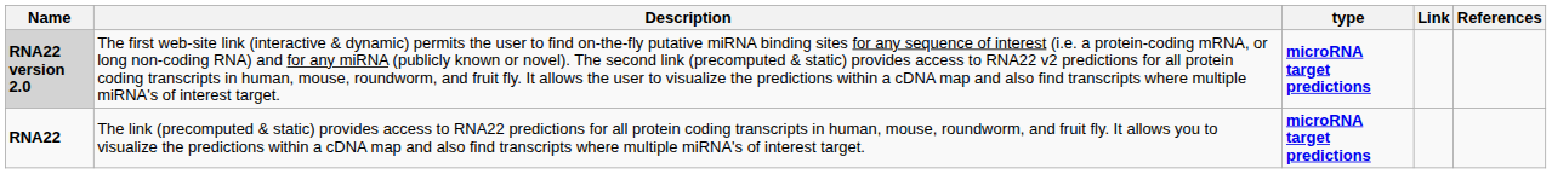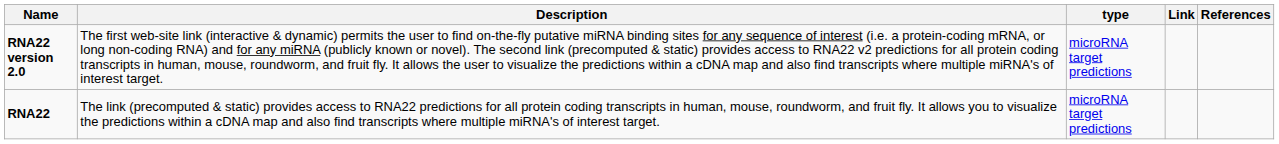 <table class="wikitable">
 <tr>
 <th>Name</th>
 <th>Description</th>
 <th>type</th>
 <th>Link</th>
 <th>References</th>
 </tr>
 <tr>
-<td style="background: lightgrey;"><strong>RNA22 version 2.0</strong></td>
+<td><strong>RNA22 version 2.0</strong></td>
 <td>The first web-site link (interactive & dynamic) permits the user to find on-the-fly putative miRNA binding sites <u>for any sequence of interest</u> (i.e. a protein-coding mRNA, or long non-coding RNA) and <u>for any miRNA</u> (publicly known or novel). The second link (precomputed & static) provides access to RNA22 v2 predictions for all protein coding transcripts in human, mouse, roundworm, and fruit fly.  It allows the user to visualize the predictions within a cDNA map and also find transcripts where multiple miRNA's of interest target.</td>
-<td><strong><a href='#'>microRNA target predictions</a></strong></td>
+<td><a href='#'>microRNA target predictions</a></td>
 <td><br><br></td>
 <td></td>
 </tr>
 <tr>
 <td><strong>RNA22</strong></td>
 <td>The link (precomputed & static) provides access to RNA22 predictions for all protein coding transcripts in human, mouse, roundworm, and fruit fly.  It allows you to visualize the predictions within a cDNA map and also find transcripts where multiple miRNA's of interest target.</td>
-<td><strong><a href='#'>microRNA target predictions</a></strong></td>
+<td><a href='#'>microRNA target predictions</a></td>
 <td></td>
 <td></td>
 </tr>
 </table>
